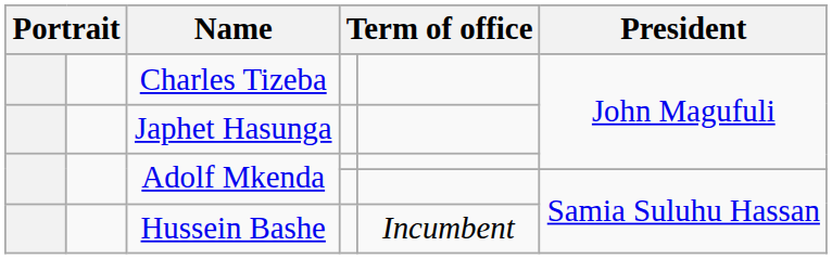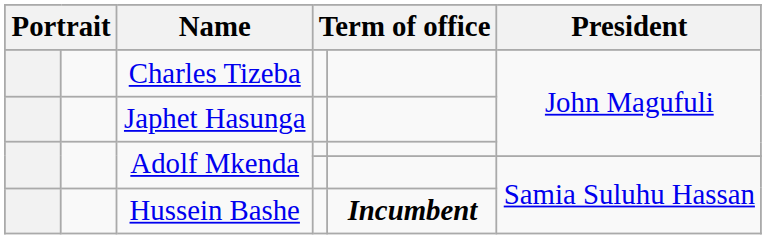 <table class="wikitable plainrowheaders" style="text-align:center">
 <tr>
 <th colspan=2>Portrait</th>
 <th>Name</th>
 <th colspan=2>Term of office</th>
 <th>President</th>
 </tr>
 <tr>
 <th style="background-color: "></th>
 <td></td>
 <td><a href='#'>Charles Tizeba</a></td>
 <td class=nowrap></td>
 <td class=nowrap></td>
 <td rowspan="3"><a href='#'>John Magufuli</a></td>
 </tr>
 <tr>
 <th style="background-color: "></th>
 <td></td>
 <td><a href='#'>Japhet Hasunga</a></td>
 <td class=nowrap> </td>
 <td class=nowrap></td>
 </tr>
 <tr>
 <th rowspan="2" style="background-color: "></th>
 <td rowspan="2"></td>
 <td rowspan="2"><a href='#'>Adolf Mkenda</a></td>
 <td class=nowrap></td>
 <td class=nowrap></td>
 </tr>
 <tr>
 <td></td>
 <td></td>
 <td rowspan="2"><a href='#'>Samia Suluhu Hassan</a></td>
 </tr>
 <tr>
 <th style="background-color: "></th>
 <td></td>
 <td><a href='#'>Hussein Bashe</a></td>
 <td></td>
-<td><em>Incumbent</em></td>
+<td><strong><em>Incumbent</em></strong></td>
 </tr>
 </table>
